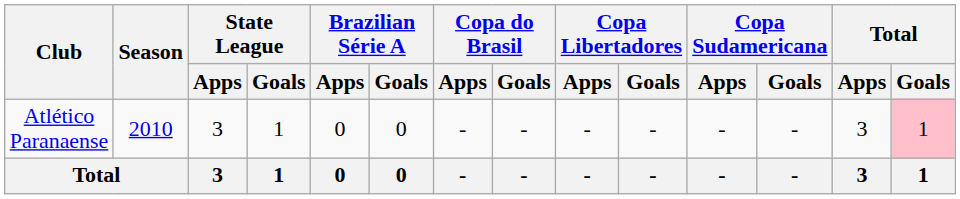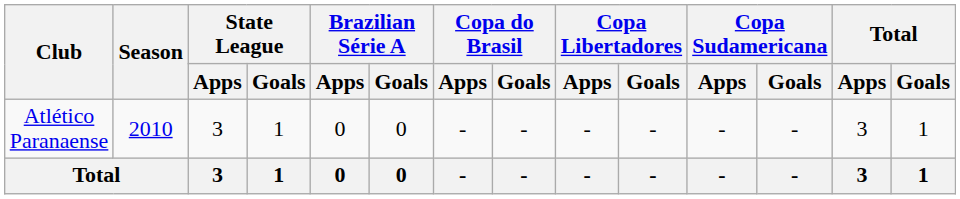 <table class="wikitable" style="text-align: center;">
 <tr>
 <th rowspan="2">Club</th>
 <th rowspan="2">Season</th>
 <th colspan="2">State League</th>
 <th colspan="2"><a href='#'>Brazilian Série A</a></th>
 <th colspan="2"><a href='#'>Copa do Brasil</a></th>
 <th colspan="2"><a href='#'>Copa Libertadores</a></th>
 <th colspan="2"><a href='#'>Copa Sudamericana</a></th>
 <th colspan="2">Total</th>
 </tr>
 <tr>
 <th>Apps</th>
 <th>Goals</th>
 <th>Apps</th>
 <th>Goals</th>
 <th>Apps</th>
 <th>Goals</th>
 <th>Apps</th>
 <th>Goals</th>
 <th>Apps</th>
 <th>Goals</th>
 <th>Apps</th>
 <th>Goals</th>
 </tr>
 <tr>
 <td rowspan="1" valign="center"><a href='#'>Atlético Paranaense</a></td>
 <td><a href='#'>2010</a></td>
 <td>3</td>
 <td>1</td>
 <td>0</td>
 <td>0</td>
 <td>-</td>
 <td>-</td>
 <td>-</td>
 <td>-</td>
 <td>-</td>
 <td>-</td>
 <td>3</td>
-<td style="background: pink;">1</td>
+<td>1</td>
 </tr>
 <tr>
 <th colspan="2"><strong>Total</strong></th>
 <th>3</th>
 <th>1</th>
 <th>0</th>
 <th>0</th>
 <th>-</th>
 <th>-</th>
 <th>-</th>
 <th>-</th>
 <th>-</th>
 <th>-</th>
 <th>3</th>
 <th>1</th>
 </tr>
 </table>
